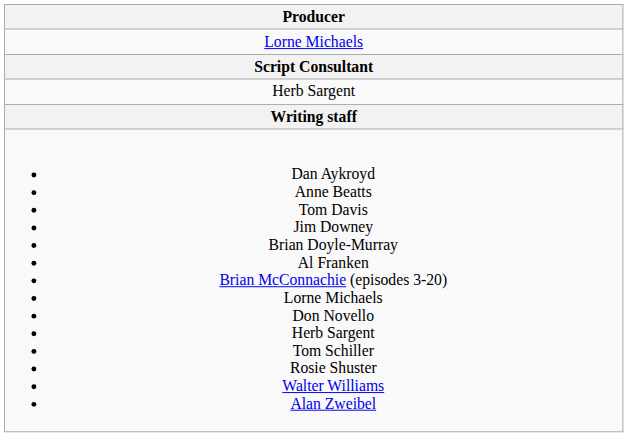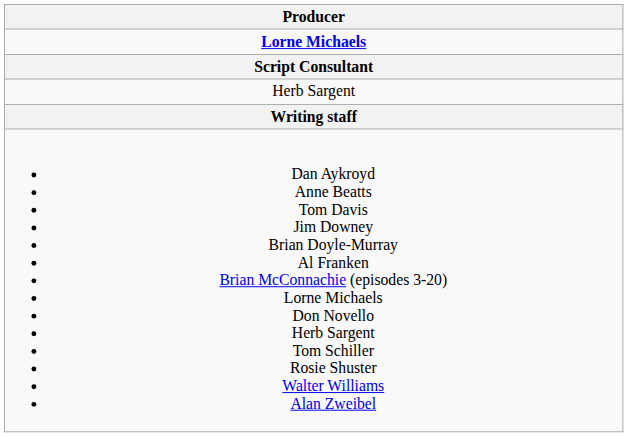 <table class="wikitable plainrowheaders"  style="text-align:center; width:50%;">
 <tr>
 <th><strong>Producer</strong></th>
 </tr>
 <tr>
-<td><a href='#'>Lorne Michaels</a></td>
+<td><strong><a href='#'>Lorne Michaels</a></strong></td>
 </tr>
 <tr>
 <th><strong>Script Consultant</strong></th>
 </tr>
 <tr>
 <td>Herb Sargent</td>
 </tr>
 <tr>
 <th><strong>Writing staff</strong></th>
 </tr>
 <tr>
 <td><br><ul><li>Dan Aykroyd</li><li>Anne Beatts</li><li>Tom Davis</li><li>Jim Downey</li><li>Brian Doyle-Murray</li><li>Al Franken</li><li><a href='#'>Brian McConnachie</a> (episodes 3-20)</li><li>Lorne Michaels</li><li>Don Novello</li><li>Herb Sargent</li><li>Tom Schiller</li><li>Rosie Shuster</li><li><a href='#'>Walter Williams</a></li><li><a href='#'>Alan Zweibel</a></li></ul></td>
 </tr>
 </table>
